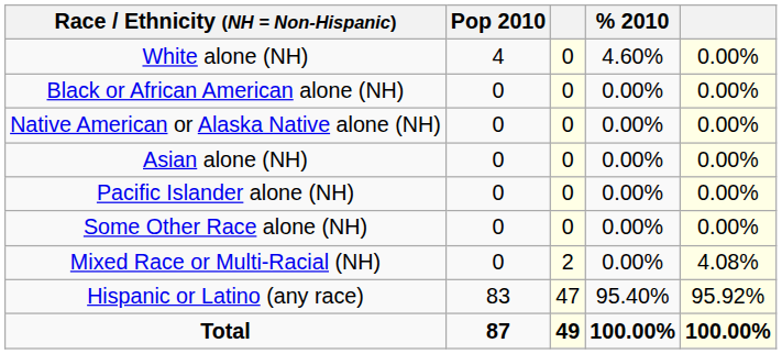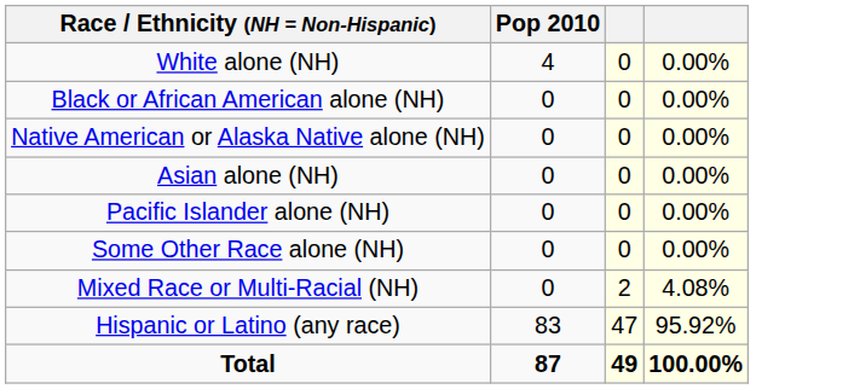 <table class="wikitable" style="text-align:center;">
 <tr>
 <th>Race / Ethnicity <small>(<em>NH = Non-Hispanic</em>)</small></th>
 <th>Pop 2010</th>
 <th></th>
-<th>% 2010</th>
 <th></th>
 </tr>
 <tr>
 <td><a href='#'>White</a> alone (NH)</td>
 <td>4</td>
 <td style='background: #ffffe6;'>0</td>
-<td>4.60%</td>
 <td style='background: #ffffe6;'>0.00%</td>
 </tr>
 <tr>
 <td><a href='#'>Black or African American</a> alone (NH)</td>
 <td>0</td>
 <td style='background: #ffffe6;'>0</td>
-<td>0.00%</td>
 <td style='background: #ffffe6;'>0.00%</td>
 </tr>
 <tr>
 <td><a href='#'>Native American</a> or <a href='#'>Alaska Native</a> alone (NH)</td>
 <td>0</td>
 <td style='background: #ffffe6;'>0</td>
-<td>0.00%</td>
 <td style='background: #ffffe6;'>0.00%</td>
 </tr>
 <tr>
 <td><a href='#'>Asian</a> alone (NH)</td>
 <td>0</td>
 <td style='background: #ffffe6;'>0</td>
-<td>0.00%</td>
 <td style='background: #ffffe6;'>0.00%</td>
 </tr>
 <tr>
 <td><a href='#'>Pacific Islander</a> alone (NH)</td>
 <td>0</td>
 <td style='background: #ffffe6;'>0</td>
-<td>0.00%</td>
 <td style='background: #ffffe6;'>0.00%</td>
 </tr>
 <tr>
 <td><a href='#'>Some Other Race</a> alone (NH)</td>
 <td>0</td>
 <td style='background: #ffffe6;'>0</td>
-<td>0.00%</td>
 <td style='background: #ffffe6;'>0.00%</td>
 </tr>
 <tr>
 <td><a href='#'>Mixed Race or Multi-Racial</a> (NH)</td>
 <td>0</td>
 <td style='background: #ffffe6;'>2</td>
-<td>0.00%</td>
 <td style='background: #ffffe6;'>4.08%</td>
 </tr>
 <tr>
 <td><a href='#'>Hispanic or Latino</a> (any race)</td>
 <td>83</td>
 <td style='background: #ffffe6;'>47</td>
-<td>95.40%</td>
 <td style='background: #ffffe6;'>95.92%</td>
 </tr>
 <tr>
 <td><strong>Total</strong></td>
 <td><strong>87</strong></td>
 <td style='background: #ffffe6;'><strong>49</strong></td>
-<td><strong>100.00%</strong></td>
 <td style='background: #ffffe6;'><strong>100.00%</strong></td>
 </tr>
 </table>
